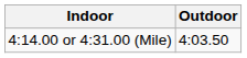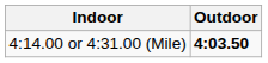 <table class="wikitable" border="1" align="upright">
 <tr>
 <th>Indoor</th>
 <th>Outdoor</th>
 </tr>
 <tr>
 <td>4:14.00 or 4:31.00 (Mile)</td>
-<td>4:03.50</td>
+<td><strong>4:03.50</strong></td>
 </tr>
 </table>
